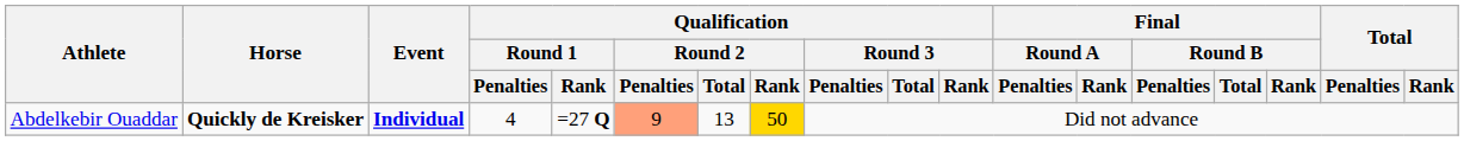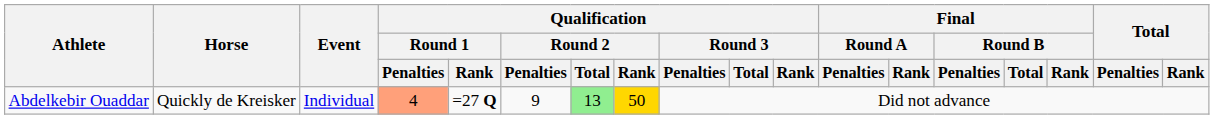 <table class="wikitable" style="font-size:90%">
 <tr>
 <th rowspan="3">Athlete</th>
 <th rowspan="3">Horse</th>
 <th rowspan="3">Event</th>
 <th colspan="8">Qualification</th>
 <th colspan="5">Final</th>
 <th rowspan=2 colspan="2">Total</th>
 </tr>
 <tr style="font-size:95%">
 <th colspan="2">Round 1</th>
 <th colspan="3">Round 2</th>
 <th colspan="3">Round 3</th>
 <th colspan="2">Round A</th>
 <th colspan="3">Round B</th>
 </tr>
 <tr style="font-size:95%">
 <th>Penalties</th>
 <th>Rank</th>
 <th>Penalties</th>
 <th>Total</th>
 <th>Rank</th>
 <th>Penalties</th>
 <th>Total</th>
 <th>Rank</th>
 <th>Penalties</th>
 <th>Rank</th>
 <th>Penalties</th>
 <th>Total</th>
 <th>Rank</th>
 <th>Penalties</th>
 <th>Rank</th>
 </tr>
 <tr align=center>
 <td align=left><a href='#'>Abdelkebir Ouaddar</a></td>
-<td align=left><strong>Quickly de Kreisker</strong></td>
-<td align=left><strong><a href='#'>Individual</a></strong></td>
-<td>4</td>
+<td align=left>Quickly de Kreisker</td>
+<td align=left><a href='#'>Individual</a></td>
+<td style="background: lightsalmon;">4</td>
 <td>=27 <strong>Q</strong></td>
-<td style="background: lightsalmon;">9</td>
-<td>13</td>
+<td>9</td>
+<td style="background: lightgreen;">13</td>
 <td style="background: gold;">50</td>
 <td colspan=10>Did not advance</td>
 </tr>
 </table>
